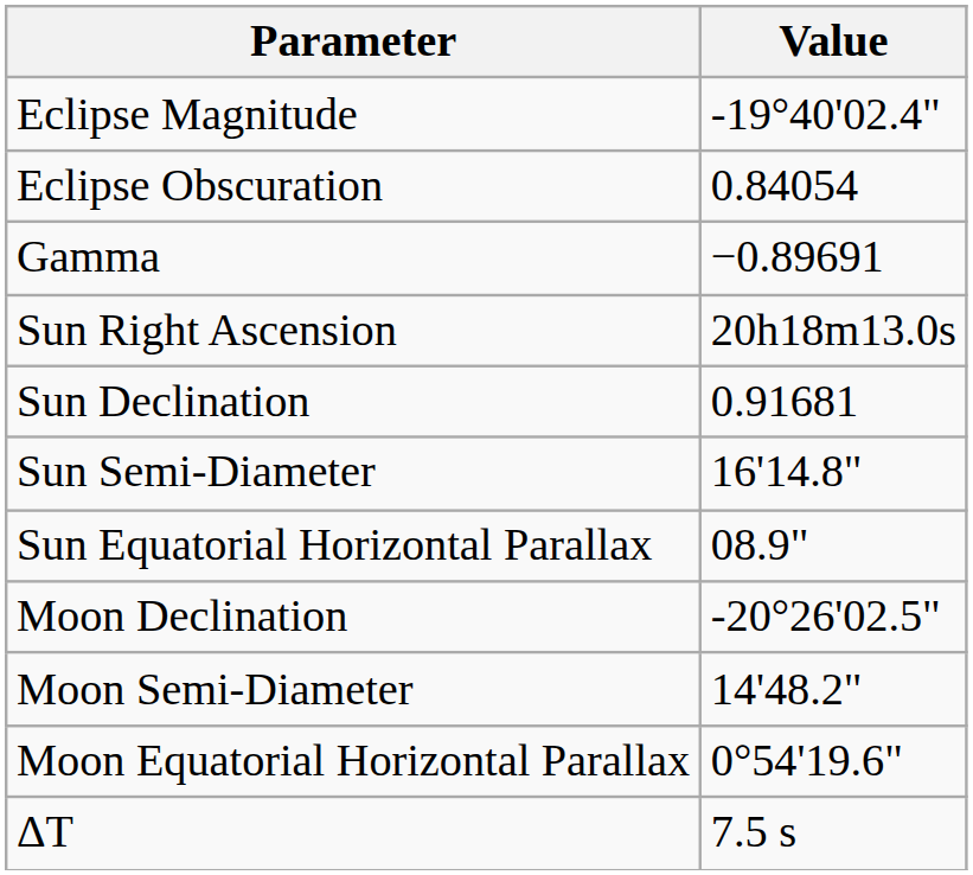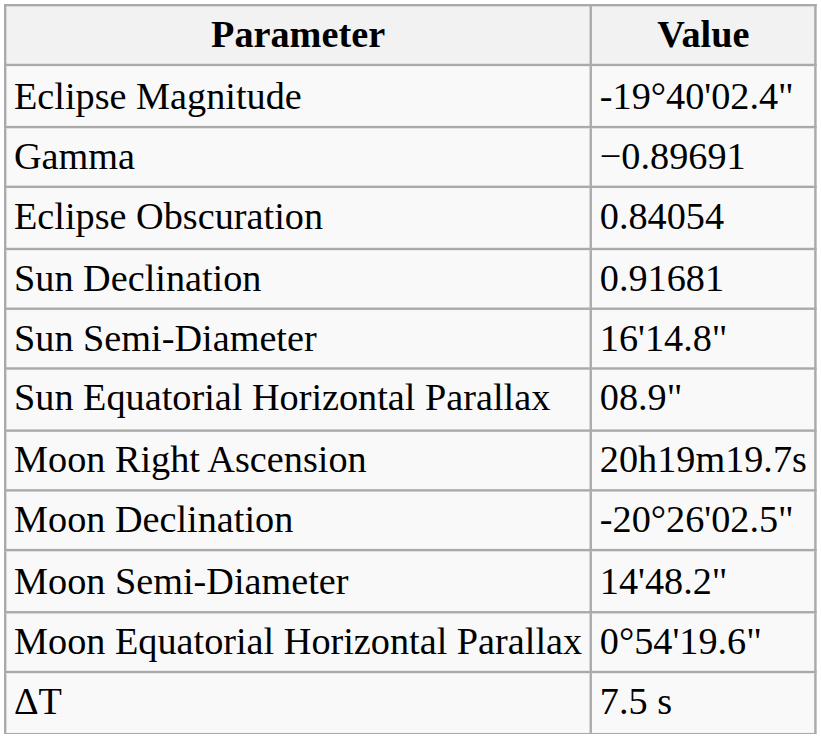 <table class="wikitable">
 <tr>
 <th>Parameter</th>
 <th>Value</th>
 </tr>
 <tr>
 <td>Eclipse Magnitude</td>
 <td>-19°40'02.4"</td>
 </tr>
 <tr>
-<td>Eclipse Obscuration</td>
-<td>0.84054</td>
-</tr>
-<tr>
 <td>Gamma</td>
 <td>−0.89691</td>
 </tr>
 <tr>
-<td>Sun Right Ascension</td>
-<td>20h18m13.0s</td>
+<td>Eclipse Obscuration</td>
+<td>0.84054</td>
 </tr>
 <tr>
 <td>Sun Declination</td>
 <td>0.91681</td>
 </tr>
 <tr>
 <td>Sun Semi-Diameter</td>
 <td>16'14.8"</td>
 </tr>
 <tr>
 <td>Sun Equatorial Horizontal Parallax</td>
 <td>08.9"</td>
+</tr>
+<tr>
+<td>Moon Right Ascension</td>
+<td>20h19m19.7s</td>
 </tr>
 <tr>
 <td>Moon Declination</td>
 <td>-20°26'02.5"</td>
 </tr>
 <tr>
 <td>Moon Semi-Diameter</td>
 <td>14'48.2"</td>
 </tr>
 <tr>
 <td>Moon Equatorial Horizontal Parallax</td>
 <td>0°54'19.6"</td>
 </tr>
 <tr>
 <td>ΔT</td>
 <td>7.5 s</td>
 </tr>
 </table>
